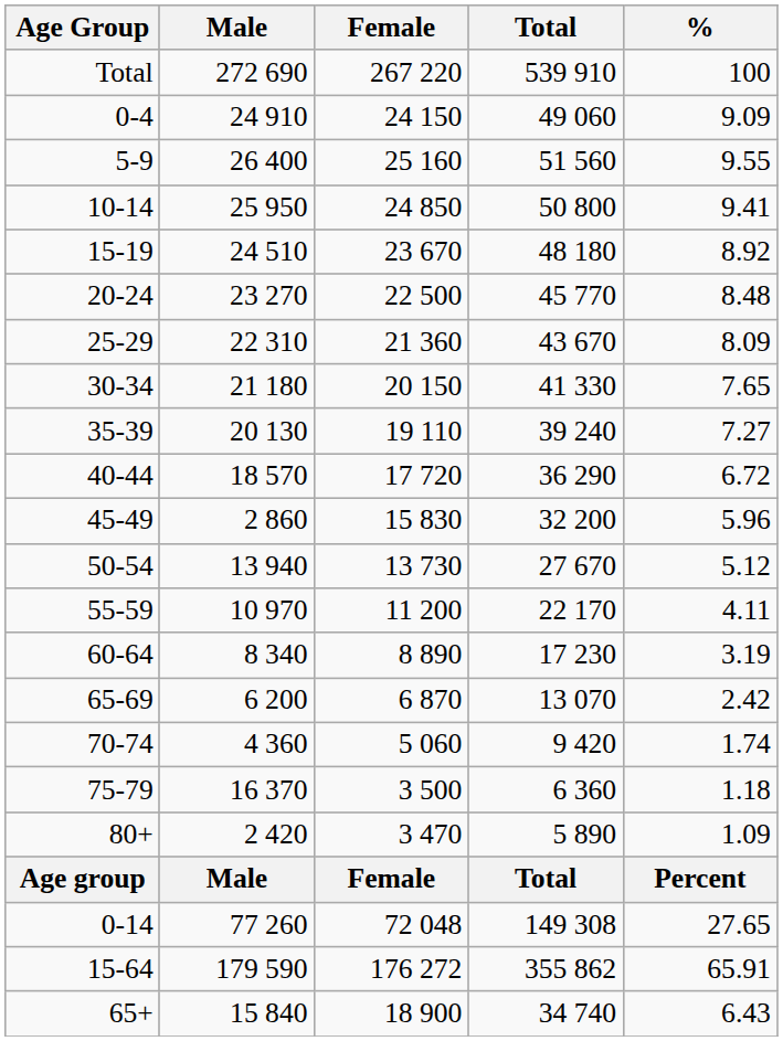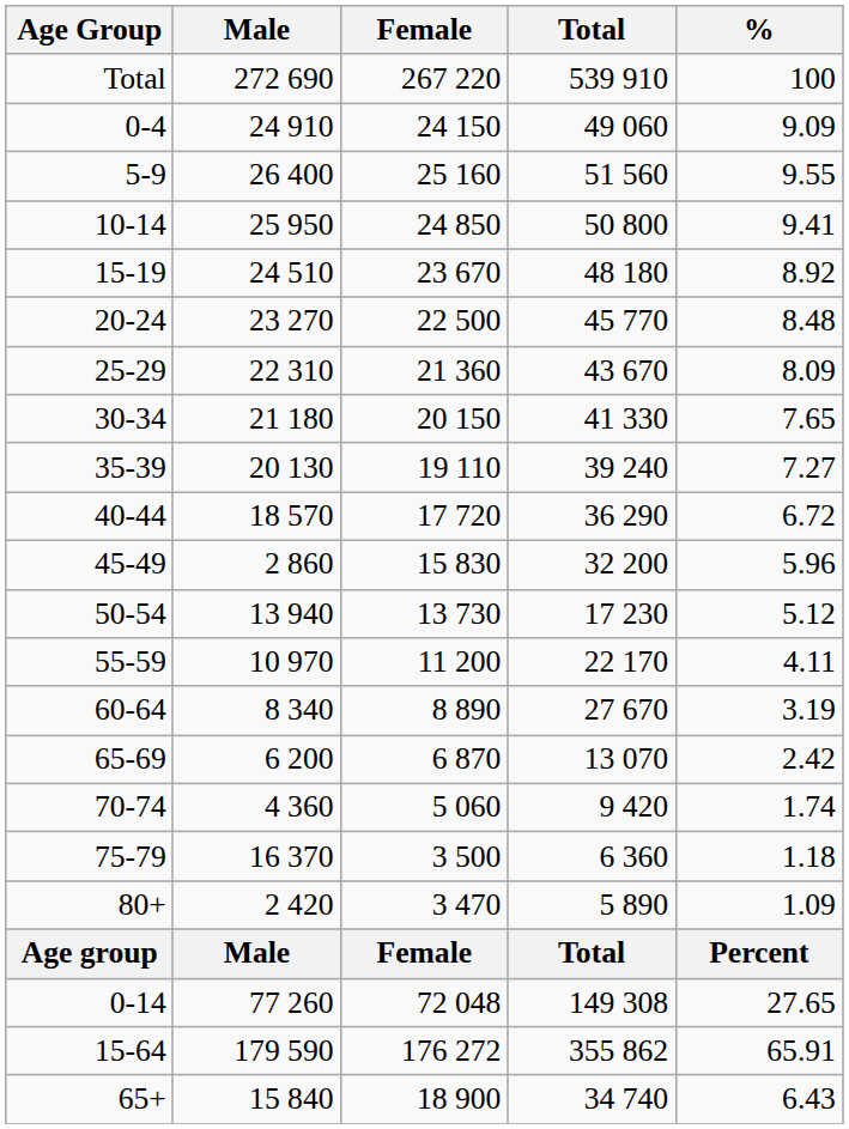 <table class="wikitable">
 <tr>
 <th width="80pt">Age Group</th>
 <th width="80pt">Male</th>
 <th width="80pt">Female</th>
 <th width="80pt">Total</th>
 <th width="80pt">%</th>
 </tr>
 <tr>
 <td align="right">Total</td>
 <td align="right">272 690</td>
 <td align="right">267 220</td>
 <td align="right">539 910</td>
 <td align="right">100</td>
 </tr>
 <tr>
 <td align="right">0-4</td>
 <td align="right">24 910</td>
 <td align="right">24 150</td>
 <td align="right">49 060</td>
 <td align="right">9.09</td>
 </tr>
 <tr>
 <td align="right">5-9</td>
 <td align="right">26 400</td>
 <td align="right">25 160</td>
 <td align="right">51 560</td>
 <td align="right">9.55</td>
 </tr>
 <tr>
 <td align="right">10-14</td>
 <td align="right">25 950</td>
 <td align="right">24 850</td>
 <td align="right">50 800</td>
 <td align="right">9.41</td>
 </tr>
 <tr>
 <td align="right">15-19</td>
 <td align="right">24 510</td>
 <td align="right">23 670</td>
 <td align="right">48 180</td>
 <td align="right">8.92</td>
 </tr>
 <tr>
 <td align="right">20-24</td>
 <td align="right">23 270</td>
 <td align="right">22 500</td>
 <td align="right">45 770</td>
 <td align="right">8.48</td>
 </tr>
 <tr>
 <td align="right">25-29</td>
 <td align="right">22 310</td>
 <td align="right">21 360</td>
 <td align="right">43 670</td>
 <td align="right">8.09</td>
 </tr>
 <tr>
 <td align="right">30-34</td>
 <td align="right">21 180</td>
 <td align="right">20 150</td>
 <td align="right">41 330</td>
 <td align="right">7.65</td>
 </tr>
 <tr>
 <td align="right">35-39</td>
 <td align="right">20 130</td>
 <td align="right">19 110</td>
 <td align="right">39 240</td>
 <td align="right">7.27</td>
 </tr>
 <tr>
 <td align="right">40-44</td>
 <td align="right">18 570</td>
 <td align="right">17 720</td>
 <td align="right">36 290</td>
 <td align="right">6.72</td>
 </tr>
 <tr>
 <td align="right">45-49</td>
 <td align="right">2 860</td>
 <td align="right">15 830</td>
 <td align="right">32 200</td>
 <td align="right">5.96</td>
 </tr>
 <tr>
 <td align="right">50-54</td>
 <td align="right">13 940</td>
 <td align="right">13 730</td>
-<td align="right">27 670</td>
+<td align="right">17 230</td>
 <td align="right">5.12</td>
 </tr>
 <tr>
 <td align="right">55-59</td>
 <td align="right">10 970</td>
 <td align="right">11 200</td>
 <td align="right">22 170</td>
 <td align="right">4.11</td>
 </tr>
 <tr>
 <td align="right">60-64</td>
 <td align="right">8 340</td>
 <td align="right">8 890</td>
-<td align="right">17 230</td>
+<td align="right">27 670</td>
 <td align="right">3.19</td>
 </tr>
 <tr>
 <td align="right">65-69</td>
 <td align="right">6 200</td>
 <td align="right">6 870</td>
 <td align="right">13 070</td>
 <td align="right">2.42</td>
 </tr>
 <tr>
 <td align="right">70-74</td>
 <td align="right">4 360</td>
 <td align="right">5 060</td>
 <td align="right">9 420</td>
 <td align="right">1.74</td>
 </tr>
 <tr>
 <td align="right">75-79</td>
 <td align="right">16 370</td>
 <td align="right">3 500</td>
 <td align="right">6 360</td>
 <td align="right">1.18</td>
 </tr>
 <tr>
 <td align="right">80+</td>
 <td align="right">2 420</td>
 <td align="right">3 470</td>
 <td align="right">5 890</td>
 <td align="right">1.09</td>
 </tr>
 <tr>
 <th width="50">Age group</th>
 <th width="80pt">Male</th>
 <th width="80">Female</th>
 <th width="80">Total</th>
 <th width="50">Percent</th>
 </tr>
 <tr>
 <td align="right">0-14</td>
 <td align="right">77 260</td>
 <td align="right">72 048</td>
 <td align="right">149 308</td>
 <td align="right">27.65</td>
 </tr>
 <tr>
 <td align="right">15-64</td>
 <td align="right">179 590</td>
 <td align="right">176 272</td>
 <td align="right">355 862</td>
 <td align="right">65.91</td>
 </tr>
 <tr>
 <td align="right">65+</td>
 <td align="right">15 840</td>
 <td align="right">18 900</td>
 <td align="right">34 740</td>
 <td align="right">6.43</td>
 </tr>
 <tr>
 </tr>
 </table>
